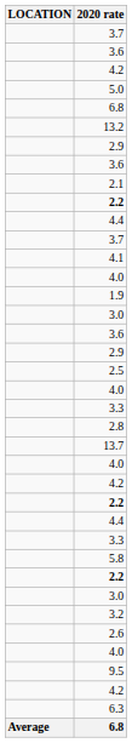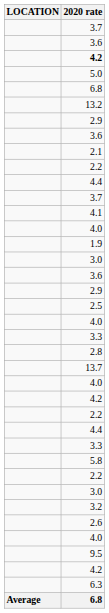 <table class="wikitable sortable mw-datatable static-row-numbers sticky-header" style=text-align:right;>
 <tr>
 <th>LOCATION</th>
 <th>2020 rate</th>
 </tr>
 <tr>
 <td></td>
 <td>3.7</td>
 </tr>
 <tr>
 <td></td>
 <td>3.6</td>
 </tr>
 <tr>
 <td></td>
-<td>4.2</td>
+<td><strong>4.2</strong></td>
 </tr>
 <tr>
 <td></td>
 <td>5.0</td>
 </tr>
 <tr>
 <td></td>
 <td>6.8</td>
 </tr>
 <tr>
 <td></td>
 <td>13.2</td>
 </tr>
 <tr>
 <td></td>
 <td>2.9</td>
 </tr>
 <tr>
 <td></td>
 <td>3.6</td>
 </tr>
 <tr>
 <td></td>
 <td>2.1</td>
 </tr>
 <tr>
 <td></td>
-<td><strong>2.2</strong></td>
+<td>2.2</td>
 </tr>
 <tr>
 <td></td>
 <td>4.4</td>
 </tr>
 <tr>
 <td></td>
 <td>3.7</td>
 </tr>
 <tr>
 <td></td>
 <td>4.1</td>
 </tr>
 <tr>
 <td></td>
 <td>4.0</td>
 </tr>
 <tr>
 <td></td>
 <td>1.9</td>
 </tr>
 <tr>
 <td></td>
 <td>3.0</td>
 </tr>
 <tr>
 <td></td>
 <td>3.6</td>
 </tr>
 <tr>
 <td></td>
 <td>2.9</td>
 </tr>
 <tr>
 <td></td>
 <td>2.5</td>
 </tr>
 <tr>
 <td></td>
 <td>4.0</td>
 </tr>
 <tr>
 <td></td>
 <td>3.3</td>
 </tr>
 <tr>
 <td></td>
 <td>2.8</td>
 </tr>
 <tr>
 <td></td>
 <td>13.7</td>
 </tr>
 <tr>
 <td></td>
 <td>4.0</td>
 </tr>
 <tr>
 <td></td>
 <td>4.2</td>
 </tr>
 <tr>
 <td></td>
-<td><strong>2.2</strong></td>
+<td>2.2</td>
 </tr>
 <tr>
 <td></td>
 <td>4.4</td>
 </tr>
 <tr>
 <td></td>
 <td>3.3</td>
 </tr>
 <tr>
 <td></td>
 <td>5.8</td>
 </tr>
 <tr>
 <td></td>
-<td><strong>2.2</strong></td>
+<td>2.2</td>
 </tr>
 <tr>
 <td></td>
 <td>3.0</td>
 </tr>
 <tr>
 <td></td>
 <td>3.2</td>
 </tr>
 <tr>
 <td></td>
 <td>2.6</td>
 </tr>
 <tr>
 <td></td>
 <td>4.0</td>
 </tr>
 <tr>
 <td></td>
 <td>9.5</td>
 </tr>
 <tr>
 <td></td>
 <td>4.2</td>
 </tr>
 <tr>
 <td></td>
 <td>6.3</td>
 </tr>
 <tr class=static-row-header>
 <th style=text-align:left> Average</th>
 <th style=text-align:right>6.8</th>
 </tr>
 </table>
